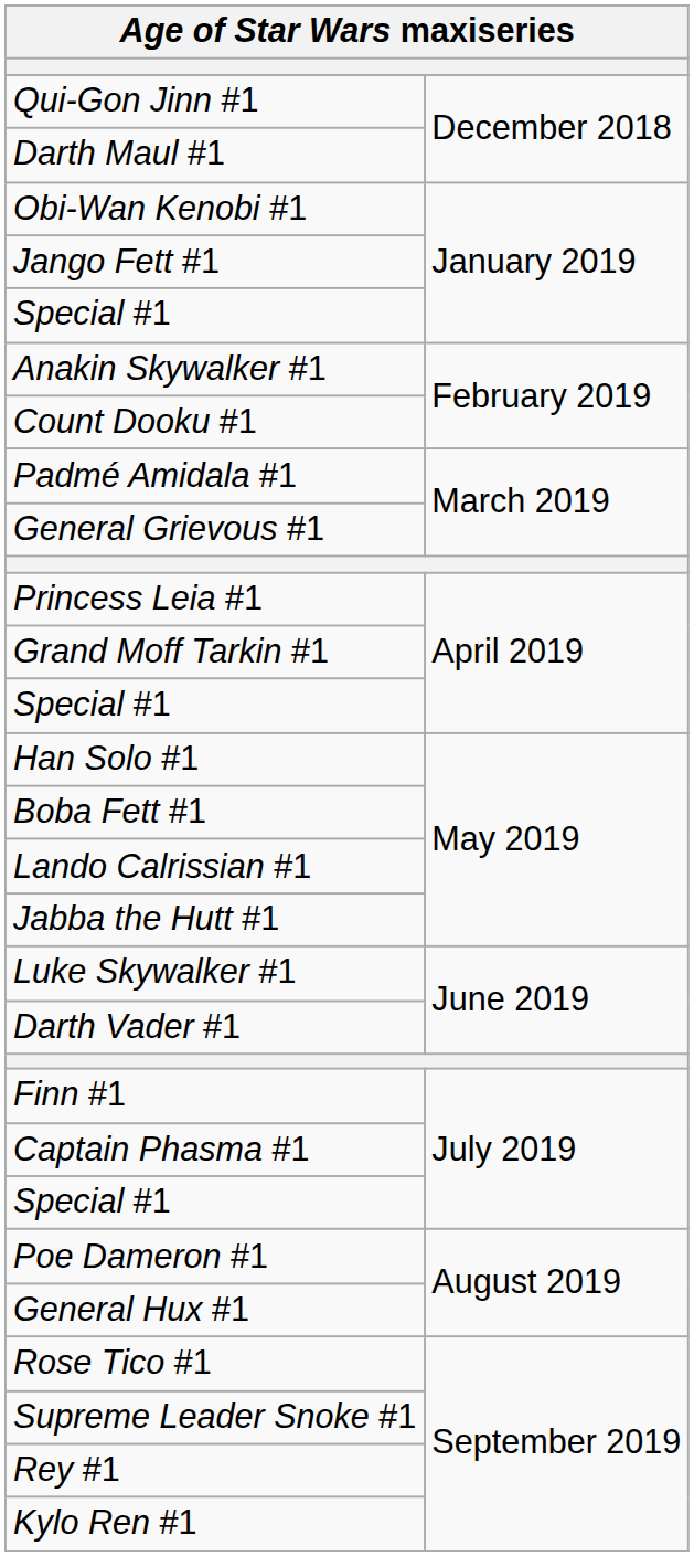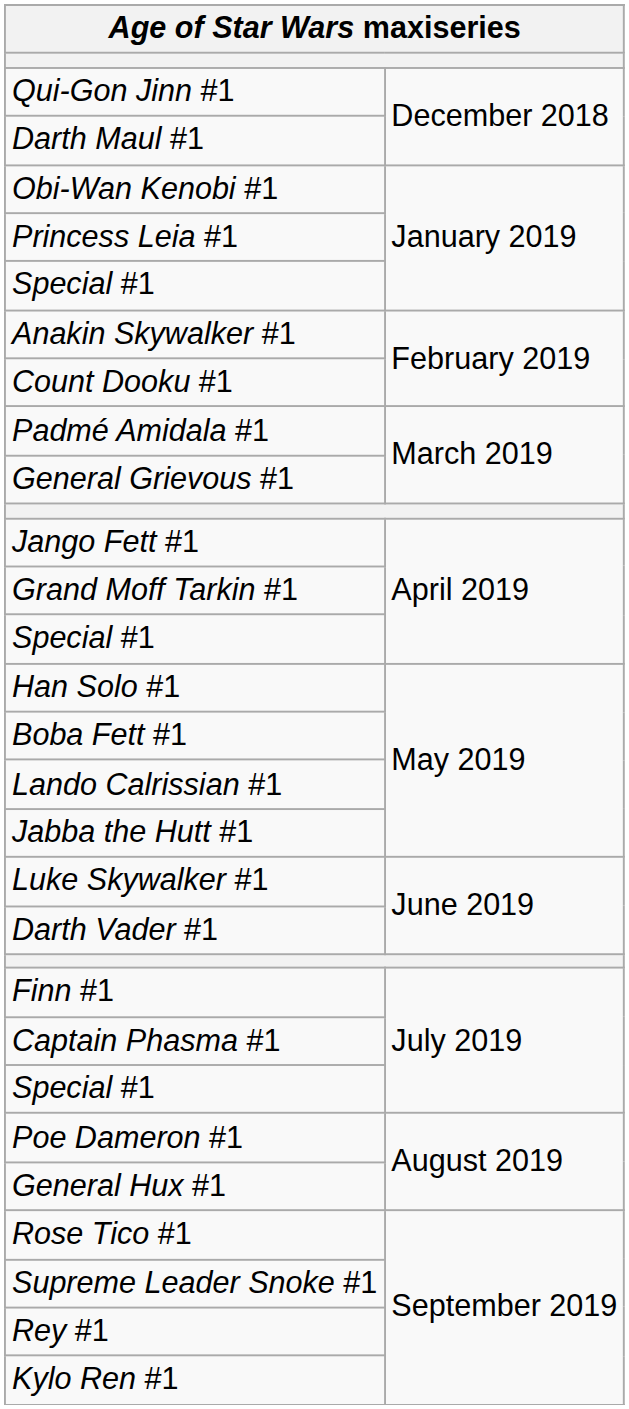 <table class="wikitable">
 <tr>
 </tr>
 <tr>
 <th colspan="2"><em>Age of Star Wars</em> maxiseries</th>
 </tr>
 <tr>
 <th colspan="2"></th>
 </tr>
 <tr>
 <td><em>Qui-Gon Jinn</em> #1</td>
 <td rowspan="2">December 2018</td>
 </tr>
 <tr>
 <td><em>Darth Maul</em> #1</td>
 </tr>
 <tr>
 <td><em>Obi-Wan Kenobi</em> #1</td>
 <td rowspan="3">January 2019</td>
 </tr>
 <tr>
-<td><em>Jango Fett</em> #1</td>
+<td><em>Princess Leia</em> #1</td>
 </tr>
 <tr>
 <td><em>Special</em> #1</td>
 </tr>
 <tr>
 <td><em>Anakin Skywalker</em> #1</td>
 <td rowspan="2">February 2019</td>
 </tr>
 <tr>
 <td><em>Count Dooku</em> #1</td>
 </tr>
 <tr>
 <td><em>Padmé Amidala</em> #1</td>
 <td rowspan="2">March 2019</td>
 </tr>
 <tr>
 <td><em>General Grievous</em> #1</td>
 </tr>
 <tr>
 <th colspan="2"></th>
 </tr>
 <tr>
-<td><em>Princess Leia</em> #1</td>
+<td><em>Jango Fett</em> #1</td>
 <td rowspan="3">April 2019</td>
 </tr>
 <tr>
 <td><em>Grand Moff Tarkin</em> #1</td>
 </tr>
 <tr>
 <td><em>Special</em> #1</td>
 </tr>
 <tr>
 <td><em>Han Solo</em> #1</td>
 <td rowspan="4">May 2019</td>
 </tr>
 <tr>
 <td><em>Boba Fett</em> #1</td>
 </tr>
 <tr>
 <td><em>Lando Calrissian</em> #1</td>
 </tr>
 <tr>
 <td><em>Jabba the Hutt</em> #1</td>
 </tr>
 <tr>
 <td><em>Luke Skywalker</em> #1</td>
 <td rowspan="2">June 2019</td>
 </tr>
 <tr>
 <td><em>Darth Vader</em> #1</td>
 </tr>
 <tr>
 <th colspan="2"></th>
 </tr>
 <tr>
 <td><em>Finn</em> #1</td>
 <td rowspan="3">July 2019</td>
 </tr>
 <tr>
 <td><em>Captain Phasma</em> #1</td>
 </tr>
 <tr>
 <td><em>Special</em> #1</td>
 </tr>
 <tr>
 <td><em>Poe Dameron</em> #1</td>
 <td rowspan="2">August 2019</td>
 </tr>
 <tr>
 <td><em>General Hux</em> #1</td>
 </tr>
 <tr>
 <td><em>Rose Tico</em> #1</td>
 <td rowspan="4">September 2019</td>
 </tr>
 <tr>
 <td><em>Supreme Leader Snoke</em> #1</td>
 </tr>
 <tr>
 <td><em>Rey</em> #1</td>
 </tr>
 <tr>
 <td><em>Kylo Ren</em> #1</td>
 </tr>
 <tr>
 </tr>
 </table>
